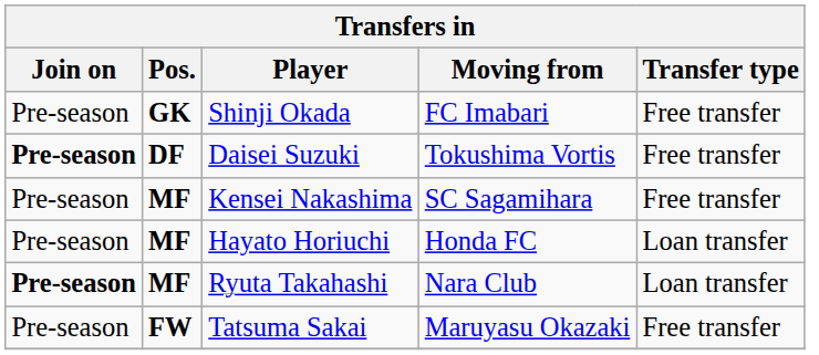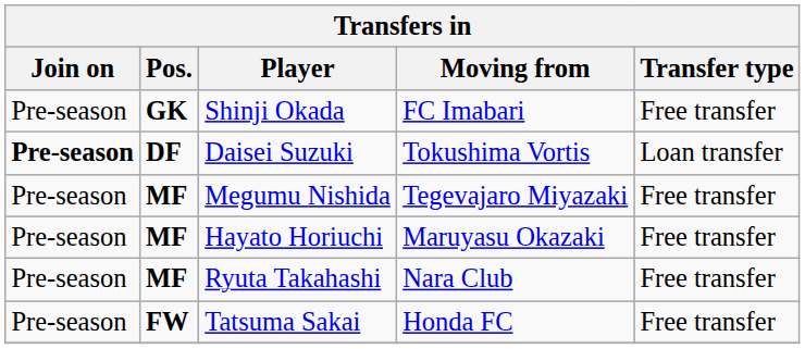 <table class="wikitable sortable" style=“text-align:left;>
 <tr>
 <th colspan="5">Transfers in</th>
 </tr>
 <tr>
 <th>Join on</th>
 <th>Pos.</th>
 <th>Player</th>
 <th>Moving from</th>
 <th>Transfer type</th>
 </tr>
 <tr>
 <td>Pre-season</td>
 <td><strong>GK</strong></td>
 <td> <a href='#'>Shinji Okada</a></td>
 <td> <a href='#'>FC Imabari</a></td>
 <td>Free transfer</td>
 </tr>
 <tr>
 <td><strong>Pre-season</strong></td>
 <td><strong>DF</strong></td>
 <td> <a href='#'>Daisei Suzuki</a></td>
 <td> <a href='#'>Tokushima Vortis</a></td>
-<td>Free transfer</td>
+<td>Loan transfer</td>
 </tr>
 <tr>
 <td>Pre-season</td>
 <td><strong>MF</strong></td>
-<td> <a href='#'>Kensei Nakashima</a></td>
-<td> <a href='#'>SC Sagamihara</a></td>
+<td> <a href='#'>Megumu Nishida</a></td>
+<td> <a href='#'>Tegevajaro Miyazaki</a></td>
 <td>Free transfer</td>
 </tr>
 <tr>
 <td>Pre-season</td>
 <td><strong>MF</strong></td>
 <td> <a href='#'>Hayato Horiuchi</a></td>
-<td> <a href='#'>Honda FC</a></td>
-<td>Loan transfer</td>
+<td> <a href='#'>Maruyasu Okazaki</a></td>
+<td>Free transfer</td>
 </tr>
 <tr>
-<td><strong>Pre-season</strong></td>
+<td>Pre-season</td>
 <td><strong>MF</strong></td>
 <td> <a href='#'>Ryuta Takahashi</a></td>
 <td> <a href='#'>Nara Club</a></td>
-<td>Loan transfer</td>
+<td>Free transfer</td>
 </tr>
 <tr>
 <td>Pre-season</td>
 <td><strong>FW</strong></td>
 <td> <a href='#'>Tatsuma Sakai</a></td>
-<td> <a href='#'>Maruyasu Okazaki</a></td>
+<td> <a href='#'>Honda FC</a></td>
 <td>Free transfer</td>
 </tr>
 <tr>
 </tr>
 </table>
